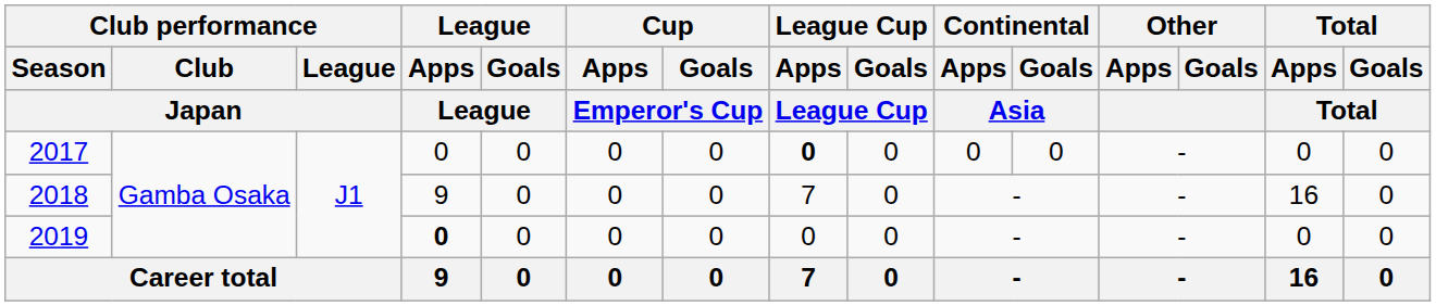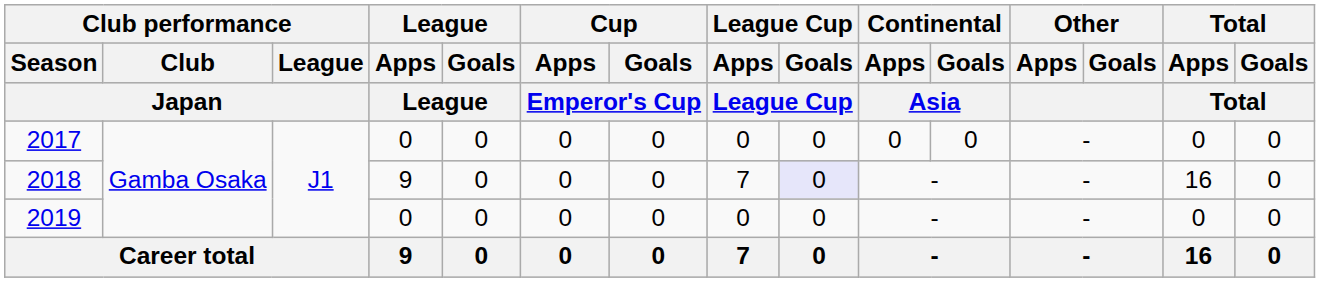 <table class="wikitable" style="text-align:center">
 <tr>
 <th colspan=3>Club performance</th>
 <th colspan=2>League</th>
 <th colspan=2>Cup</th>
 <th colspan=2>League Cup</th>
 <th colspan=2>Continental</th>
 <th colspan=2>Other</th>
 <th colspan=2>Total</th>
 </tr>
 <tr>
 <th>Season</th>
 <th>Club</th>
 <th>League</th>
 <th>Apps</th>
 <th>Goals</th>
 <th>Apps</th>
 <th>Goals</th>
 <th>Apps</th>
 <th>Goals</th>
 <th>Apps</th>
 <th>Goals</th>
 <th>Apps</th>
 <th>Goals</th>
 <th>Apps</th>
 <th>Goals</th>
 </tr>
 <tr>
 <th colspan=3>Japan</th>
 <th colspan=2>League</th>
 <th colspan=2><a href='#'>Emperor's Cup</a></th>
 <th colspan=2><a href='#'>League Cup</a></th>
 <th colspan=2><a href='#'>Asia</a></th>
 <th colspan=2></th>
 <th colspan=2>Total</th>
 </tr>
 <tr>
 <td><a href='#'>2017</a></td>
 <td rowspan="3"><a href='#'>Gamba Osaka</a></td>
 <td rowspan="3"><a href='#'>J1</a></td>
 <td>0</td>
 <td>0</td>
 <td>0</td>
 <td>0</td>
-<td><strong>0</strong></td>
+<td>0</td>
 <td>0</td>
 <td>0</td>
 <td>0</td>
 <td colspan="2">-</td>
 <td>0</td>
 <td>0</td>
 </tr>
 <tr>
 <td><a href='#'>2018</a></td>
 <td>9</td>
 <td>0</td>
 <td>0</td>
 <td>0</td>
 <td>7</td>
-<td>0</td>
+<td style="background: lavender;">0</td>
 <td colspan="2">-</td>
 <td colspan="2">-</td>
 <td>16</td>
 <td>0</td>
 </tr>
 <tr>
 <td><a href='#'>2019</a></td>
-<td><strong>0</strong></td>
+<td>0</td>
 <td>0</td>
 <td>0</td>
 <td>0</td>
 <td>0</td>
 <td>0</td>
 <td colspan="2">-</td>
 <td colspan="2">-</td>
 <td>0</td>
 <td>0</td>
 </tr>
 <tr>
 <th colspan=3>Career total</th>
 <th>9</th>
 <th>0</th>
 <th>0</th>
 <th>0</th>
 <th>7</th>
 <th>0</th>
 <th colspan="2">-</th>
 <th colspan="2">-</th>
 <th>16</th>
 <th>0</th>
 </tr>
 </table>
